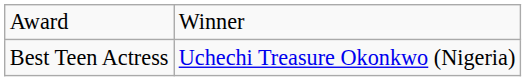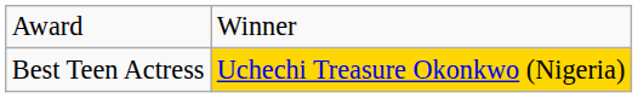 <table class="wikitable">
 <tr>
 <td>Award</td>
 <td>Winner</td>
 </tr>
 <tr>
 <td>Best Teen Actress</td>
-<td><a href='#'>Uchechi Treasure Okonkwo</a> (Nigeria)</td>
+<td style="background: gold;"><a href='#'>Uchechi Treasure Okonkwo</a> (Nigeria)</td>
 </tr>
 </table>
